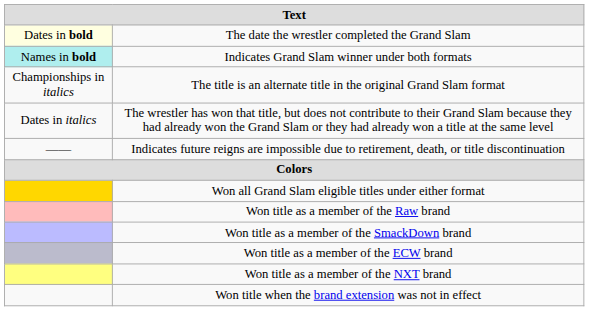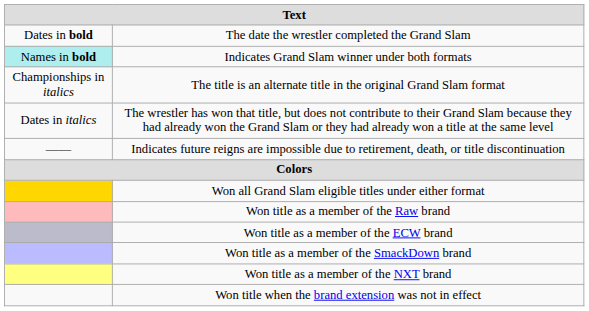 <table class="wikitable" width="100%" style="font-size:85%; text-align:center;">
 <tr>
 <th style="background: #DDDDDD;" colspan="2">Text</th>
 </tr>
 <tr>
-<td style="background: lightyellow;">Dates in <strong>bold</strong></td>
+<td>Dates in <strong>bold</strong></td>
 <td>The date the wrestler completed the Grand Slam</td>
 </tr>
 <tr>
 <td style="background: paleturquoise;">Names in <strong>bold</strong></td>
 <td>Indicates Grand Slam winner under both formats</td>
 </tr>
 <tr>
 <td>Championships in <em>italics</em></td>
 <td>The title is an alternate title in the original Grand Slam format</td>
 </tr>
 <tr>
 <td>Dates in <em>italics</em></td>
 <td>The wrestler has won that title, but does not contribute to their Grand Slam because they had already won the Grand Slam or they had already won a title at the same level</td>
 </tr>
 <tr>
 <td>——</td>
 <td>Indicates future reigns are impossible due to retirement, death, or title discontinuation</td>
 </tr>
 <tr>
 <th style="background: #DDDDDD;" colspan="2">Colors</th>
 </tr>
 <tr>
 <td style="background: gold"><br></td>
 <td>Won all Grand Slam eligible titles under either format</td>
 </tr>
 <tr>
 <td style="background: #FFBBBB;"><br></td>
 <td>Won title as a member of the <a href='#'>Raw</a> brand</td>
 </tr>
 <tr>
+<td style="background: #BBBBCC;"><br></td>
+<td>Won title as a member of the <a href='#'>ECW</a> brand</td>
+</tr>
+<tr>
 <td style="background: #BBBBFF;"><br></td>
 <td>Won title as a member of the <a href='#'>SmackDown</a> brand</td>
-</tr>
-<tr>
-<td style="background: #BBBBCC;"><br></td>
-<td>Won title as a member of the <a href='#'>ECW</a> brand</td>
 </tr>
 <tr>
 <td style="background: #FFFF80;"><br></td>
 <td>Won title as a member of the <a href='#'>NXT</a> brand</td>
 </tr>
 <tr>
 <td></td>
 <td>Won title when the <a href='#'>brand extension</a> was not in effect</td>
 </tr>
 </table>
